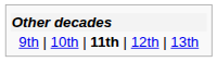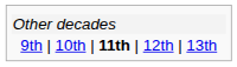 <table class="infobox" width=230>
 <tr>
 <td></td>
 </tr>
 <tr style="background-color:#f3f3f3">
-<td><strong><em>Other decades</em></strong></td>
+<td><em>Other decades</em></td>
 </tr>
 <tr>
 <td align="center"><a href='#'>9th</a> | <a href='#'>10th</a> | <strong>11th</strong> | <a href='#'>12th</a> | <a href='#'>13th</a></td>
 </tr>
 </table>
